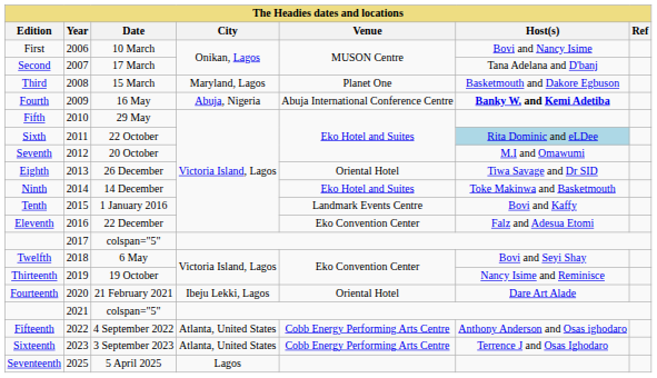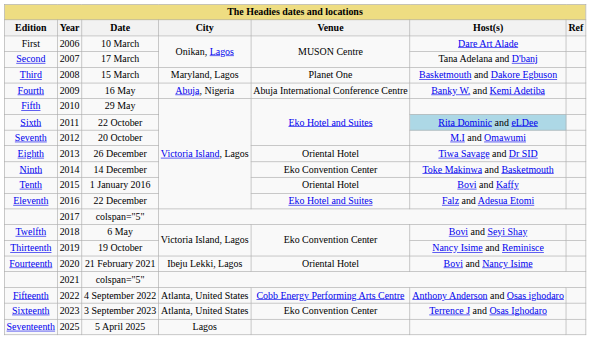 <table class="wikitable" style="text-align: center">
 <tr>
 <td bgcolor=#EEDD82 colspan=7 align=center><span><strong>The Headies dates and locations</strong></span></td>
 </tr>
 <tr>
 <th>Edition</th>
 <th>Year</th>
 <th>Date</th>
 <th>City</th>
 <th>Venue</th>
 <th>Host(s)</th>
 <th>Ref</th>
 </tr>
 <tr>
 <td>First</td>
 <td>2006</td>
 <td>10 March</td>
 <td rowspan="2">Onikan, <a href='#'>Lagos</a></td>
 <td rowspan="2">MUSON Centre</td>
-<td><a href='#'>Bovi</a> and <a href='#'>Nancy Isime</a></td>
+<td><a href='#'>Dare Art Alade</a></td>
 <td></td>
 </tr>
 <tr>
 <td><a href='#'>Second</a></td>
 <td>2007</td>
 <td>17 March</td>
 <td>Tana Adelana and <a href='#'>D'banj</a></td>
 <td rowspan="1"></td>
 </tr>
 <tr>
 <td><a href='#'>Third</a></td>
 <td>2008</td>
 <td>15 March</td>
 <td>Maryland, Lagos</td>
 <td>Planet One</td>
 <td><a href='#'>Basketmouth</a> and <a href='#'>Dakore Egbuson</a></td>
 <td></td>
 </tr>
 <tr>
 <td><a href='#'>Fourth</a></td>
 <td>2009</td>
 <td>16 May</td>
 <td><a href='#'>Abuja</a>, Nigeria</td>
 <td>Abuja International Conference Centre</td>
-<td><strong><a href='#'>Banky W.</a> and <a href='#'>Kemi Adetiba</a></strong></td>
+<td><a href='#'>Banky W.</a> and <a href='#'>Kemi Adetiba</a></td>
 <td></td>
 </tr>
 <tr>
 <td><a href='#'>Fifth</a></td>
 <td>2010</td>
 <td>29 May</td>
 <td rowspan="7"><a href='#'>Victoria Island</a>, Lagos</td>
 <td rowspan="3"><a href='#'>Eko Hotel and Suites</a></td>
 <td></td>
 <td></td>
 </tr>
 <tr>
 <td><a href='#'>Sixth</a></td>
 <td>2011</td>
 <td>22 October</td>
 <td style="background: lightblue;"><a href='#'>Rita Dominic</a> and <a href='#'>eLDee</a></td>
 <td></td>
 </tr>
 <tr>
 <td><a href='#'>Seventh</a></td>
 <td>2012</td>
 <td>20 October</td>
 <td><a href='#'>M.I</a> and <a href='#'>Omawumi</a></td>
 <td></td>
 </tr>
 <tr>
 <td><a href='#'>Eighth</a></td>
 <td>2013</td>
 <td>26 December</td>
 <td>Oriental Hotel</td>
 <td><a href='#'>Tiwa Savage</a> and <a href='#'>Dr SID</a></td>
 <td></td>
 </tr>
 <tr>
 <td><a href='#'>Ninth</a></td>
 <td>2014</td>
 <td>14 December</td>
-<td><a href='#'>Eko Hotel and Suites</a></td>
+<td>Eko Convention Center</td>
 <td><a href='#'>Toke Makinwa</a> and <a href='#'>Basketmouth</a></td>
 <td></td>
 </tr>
 <tr>
 <td><a href='#'>Tenth</a></td>
 <td>2015</td>
 <td>1 January 2016</td>
-<td>Landmark Events Centre</td>
+<td>Oriental Hotel</td>
 <td><a href='#'>Bovi</a> and <a href='#'>Kaffy</a></td>
 <td></td>
 </tr>
 <tr>
 <td><a href='#'>Eleventh</a></td>
 <td>2016</td>
 <td>22 December</td>
-<td>Eko Convention Center</td>
+<td><a href='#'>Eko Hotel and Suites</a></td>
 <td><a href='#'>Falz</a> and <a href='#'>Adesua Etomi</a></td>
 <td></td>
 </tr>
 <tr>
 <td></td>
 <td>2017</td>
 <td>colspan="5" </td>
 </tr>
 <tr>
 <td><a href='#'>Twelfth</a></td>
 <td>2018</td>
 <td>6 May</td>
 <td rowspan="2">Victoria Island, Lagos</td>
 <td rowspan="2">Eko Convention Center</td>
 <td><a href='#'>Bovi</a> and <a href='#'>Seyi Shay</a></td>
 <td></td>
 </tr>
 <tr>
 <td><a href='#'>Thirteenth</a></td>
 <td>2019</td>
 <td>19 October</td>
 <td><a href='#'>Nancy Isime</a> and <a href='#'>Reminisce</a></td>
 <td></td>
 </tr>
 <tr>
 <td><a href='#'>Fourteenth</a></td>
 <td>2020</td>
 <td>21 February 2021</td>
 <td>Ibeju Lekki, Lagos</td>
 <td>Oriental Hotel</td>
-<td><a href='#'>Dare Art Alade</a></td>
+<td><a href='#'>Bovi</a> and <a href='#'>Nancy Isime</a></td>
 <td></td>
 </tr>
 <tr>
 <td></td>
 <td>2021</td>
 <td>colspan="5" </td>
 </tr>
 <tr>
 <td><a href='#'>Fifteenth</a></td>
 <td>2022</td>
 <td>4 September 2022</td>
 <td>Atlanta, United States</td>
 <td><a href='#'>Cobb Energy Performing Arts Centre</a></td>
 <td><a href='#'>Anthony Anderson</a> and <a href='#'>Osas ighodaro</a></td>
 <td></td>
 </tr>
 <tr>
 <td><a href='#'>Sixteenth</a></td>
 <td>2023</td>
 <td>3 September 2023</td>
 <td>Atlanta, United States</td>
-<td><a href='#'>Cobb Energy Performing Arts Centre</a></td>
+<td>Eko Convention Center</td>
 <td><a href='#'>Terrence J</a> and <a href='#'>Osas Ighodaro</a></td>
 <td></td>
 </tr>
 <tr>
 <td><a href='#'>Seventeenth</a></td>
 <td>2025</td>
 <td>5 April 2025</td>
 <td>Lagos</td>
 <td></td>
 <td></td>
 <td></td>
 </tr>
 </table>
